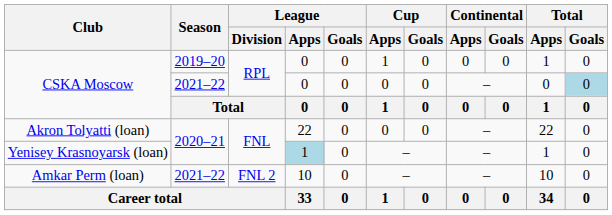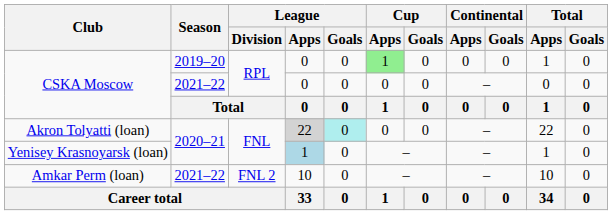 <table class="wikitable" style="text-align: center;">
 <tr>
 <th rowspan=2>Club</th>
 <th rowspan=2>Season</th>
 <th colspan=3>League</th>
 <th colspan=2>Cup</th>
 <th colspan=2>Continental</th>
 <th colspan=2>Total</th>
 </tr>
 <tr>
 <th>Division</th>
 <th>Apps</th>
 <th>Goals</th>
 <th>Apps</th>
 <th>Goals</th>
 <th>Apps</th>
 <th>Goals</th>
 <th>Apps</th>
 <th>Goals</th>
 </tr>
 <tr>
 <td rowspan="3"><a href='#'>CSKA Moscow</a></td>
 <td><a href='#'>2019–20</a></td>
 <td rowspan="2"><a href='#'>RPL</a></td>
 <td>0</td>
 <td>0</td>
-<td>1</td>
+<td style="background: lightgreen;">1</td>
 <td>0</td>
 <td>0</td>
 <td>0</td>
 <td>1</td>
 <td>0</td>
 </tr>
 <tr>
 <td><a href='#'>2021–22</a></td>
 <td>0</td>
 <td>0</td>
 <td>0</td>
 <td>0</td>
 <td colspan=2>–</td>
 <td>0</td>
-<td style="background: lightblue;">0</td>
+<td>0</td>
 </tr>
 <tr>
 <th colspan=2>Total</th>
 <th>0</th>
 <th>0</th>
 <th>1</th>
 <th>0</th>
 <th>0</th>
 <th>0</th>
 <th>1</th>
 <th>0</th>
 </tr>
 <tr>
 <td><a href='#'>Akron Tolyatti</a> (loan)</td>
 <td rowspan="2"><a href='#'>2020–21</a></td>
 <td rowspan="2"><a href='#'>FNL</a></td>
-<td>22</td>
-<td>0</td>
+<td style="background: lightgrey;">22</td>
+<td style="background: paleturquoise;">0</td>
 <td>0</td>
 <td>0</td>
 <td colspan=2>–</td>
 <td>22</td>
 <td>0</td>
 </tr>
 <tr>
 <td><a href='#'>Yenisey Krasnoyarsk</a> (loan)</td>
 <td style="background: lightblue;">1</td>
 <td>0</td>
 <td colspan=2>–</td>
 <td colspan=2>–</td>
 <td>1</td>
 <td>0</td>
 </tr>
 <tr>
 <td><a href='#'>Amkar Perm</a> (loan)</td>
 <td><a href='#'>2021–22</a></td>
 <td><a href='#'>FNL 2</a></td>
 <td>10</td>
 <td>0</td>
 <td colspan=2>–</td>
 <td colspan=2>–</td>
 <td>10</td>
 <td>0</td>
 </tr>
 <tr>
 <th colspan=3>Career total</th>
 <th>33</th>
 <th>0</th>
 <th>1</th>
 <th>0</th>
 <th>0</th>
 <th>0</th>
 <th>34</th>
 <th>0</th>
 </tr>
 </table>
